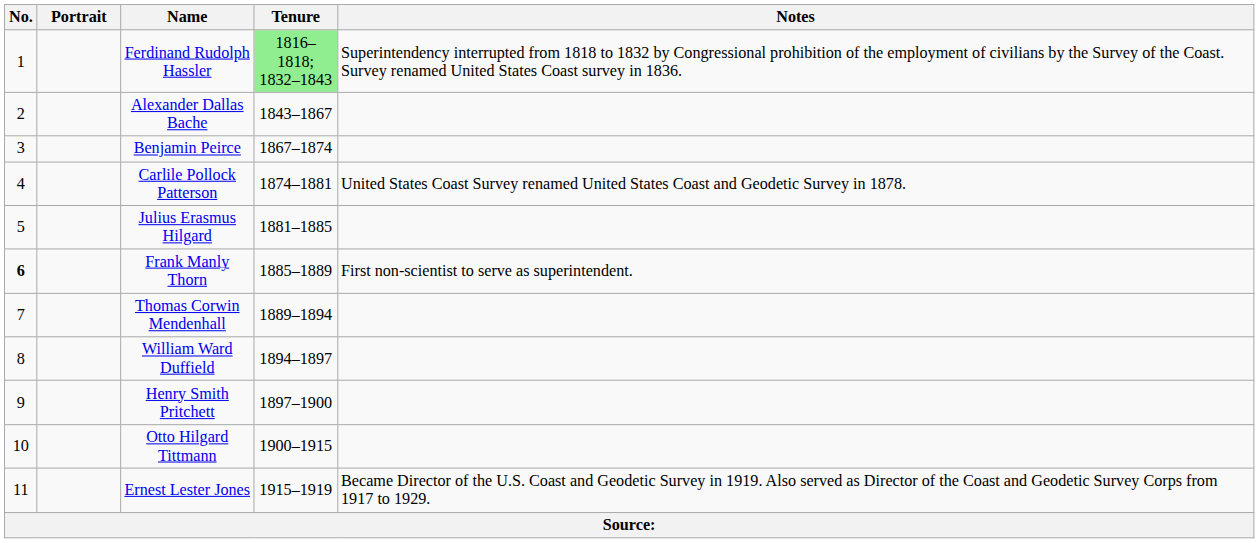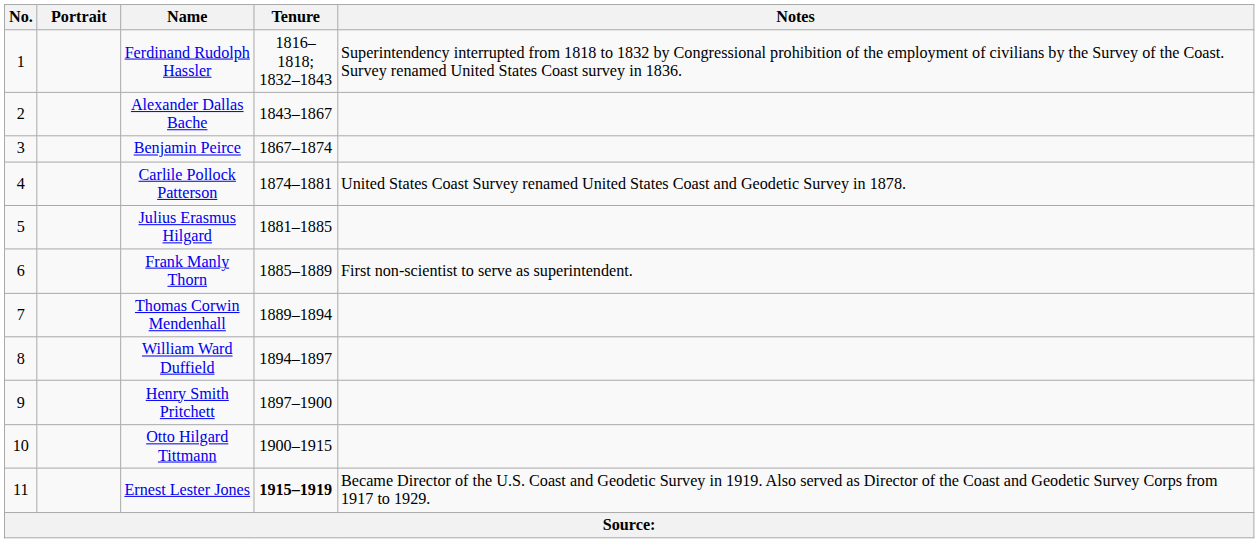 <table class="wikitable sortable">
 <tr>
 <th width="25" style="text-align:center">No.</th>
 <th width="75" style="text-align:center">Portrait</th>
 <th width="125" style="text-align:center">Name</th>
 <th width="75" style="text-align:center">Tenure</th>
 <th width="900" style="text-align:center">Notes</th>
 </tr>
 <tr>
 <td style="text-align:center">1</td>
 <td style="text-align:center"></td>
 <td style="text-align:center"><a href='#'>Ferdinand Rudolph Hassler</a><br></td>
-<td style="background: lightgreen; text-align:center">1816–1818; 1832–1843</td>
+<td style="text-align:center">1816–1818; 1832–1843</td>
 <td>Superintendency interrupted from 1818 to 1832 by Congressional prohibition of the employment of civilians by the Survey of the Coast. Survey renamed United States Coast survey in 1836.</td>
 </tr>
 <tr>
 <td style="text-align:center">2</td>
 <td style="text-align:center"></td>
 <td style="text-align:center"><a href='#'>Alexander Dallas Bache</a><br></td>
 <td style="text-align:center">1843–1867</td>
 <td></td>
 </tr>
 <tr>
 <td style="text-align:center">3</td>
 <td style="text-align:center"></td>
 <td style="text-align:center"><a href='#'>Benjamin Peirce</a><br></td>
 <td style="text-align:center">1867–1874</td>
 <td></td>
 </tr>
 <tr>
 <td style="text-align:center">4</td>
 <td style="text-align:center"></td>
 <td style="text-align:center"><a href='#'>Carlile Pollock Patterson</a><br></td>
 <td style="text-align:center">1874–1881</td>
 <td>United States Coast Survey renamed United States Coast and Geodetic Survey in 1878.</td>
 </tr>
 <tr>
 <td style="text-align:center">5</td>
 <td style="text-align:center"></td>
 <td style="text-align:center"><a href='#'>Julius Erasmus Hilgard</a><br></td>
 <td style="text-align:center">1881–1885</td>
 <td></td>
 </tr>
 <tr>
-<td style="text-align:center"><strong>6</strong></td>
+<td style="text-align:center">6</td>
 <td style="text-align:center"></td>
 <td style="text-align:center"><a href='#'>Frank Manly Thorn</a><br></td>
 <td style="text-align:center">1885–1889</td>
 <td>First non-scientist to serve as superintendent.</td>
 </tr>
 <tr>
 <td style="text-align:center">7</td>
 <td style="text-align:center"></td>
 <td style="text-align:center"><a href='#'>Thomas Corwin Mendenhall</a><br></td>
 <td style="text-align:center">1889–1894</td>
 <td></td>
 </tr>
 <tr>
 <td style="text-align:center">8</td>
 <td style="text-align:center"></td>
 <td style="text-align:center"><a href='#'>William Ward Duffield</a><br></td>
 <td style="text-align:center">1894–1897</td>
 <td></td>
 </tr>
 <tr>
 <td style="text-align:center">9</td>
 <td style="text-align:center"></td>
 <td style="text-align:center"><a href='#'>Henry Smith Pritchett</a><br></td>
 <td style="text-align:center">1897–1900</td>
 <td></td>
 </tr>
 <tr>
 <td style="text-align:center">10</td>
 <td style="text-align:center"></td>
 <td style="text-align:center"><a href='#'>Otto Hilgard Tittmann</a><br></td>
 <td style="text-align:center">1900–1915</td>
 <td></td>
 </tr>
 <tr>
 <td style="text-align:center">11</td>
 <td style="text-align:center"></td>
 <td style="text-align:center"><a href='#'>Ernest Lester Jones</a><br></td>
-<td style="text-align:center">1915–1919</td>
+<td style="text-align:center"><strong>1915–1919</strong></td>
 <td>Became Director of the U.S. Coast and Geodetic Survey in 1919. Also served as Director of the Coast and Geodetic Survey Corps from 1917 to 1929.</td>
 </tr>
 <tr class=sortbottom>
 <th scope=row colspan=5><strong>Source:</strong></th>
 </tr>
 </table>
